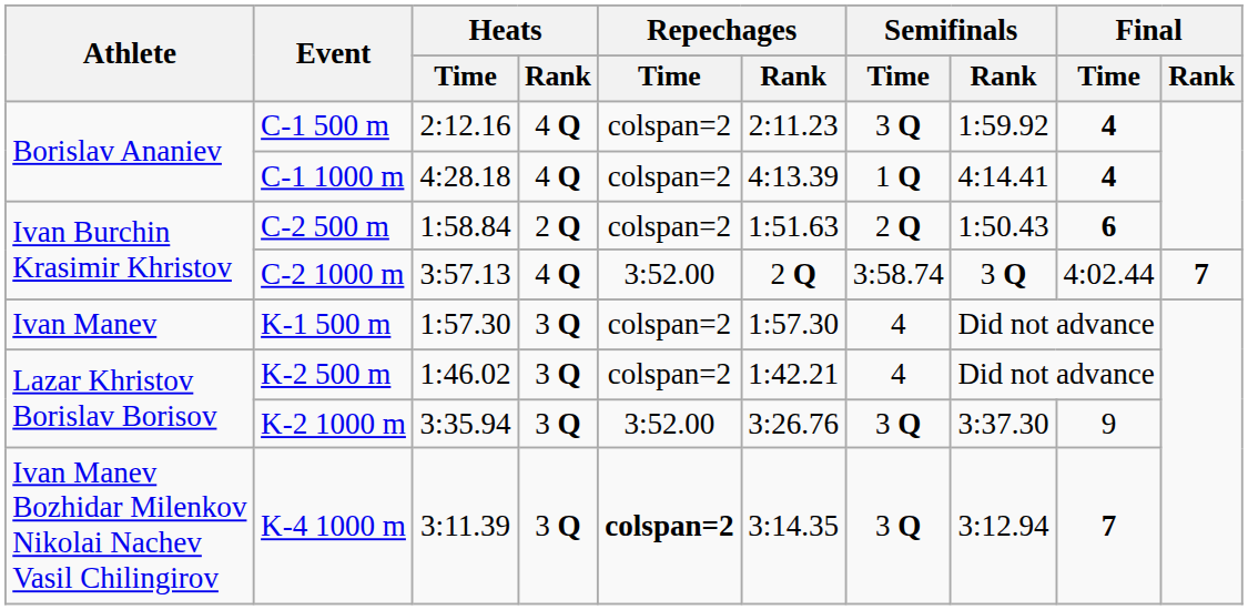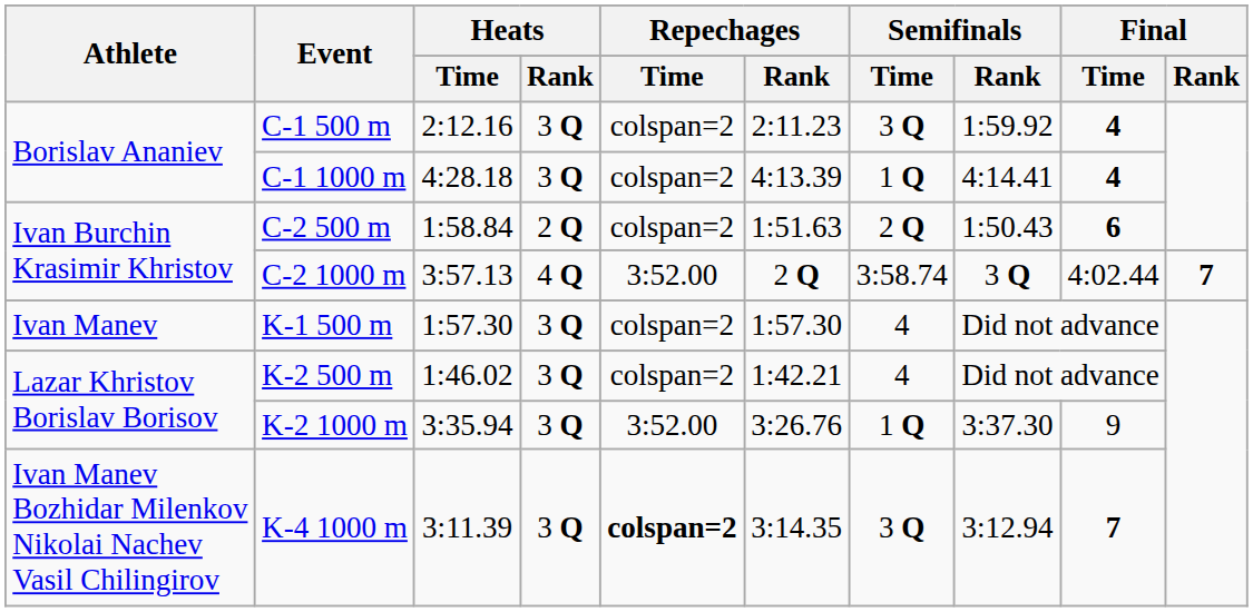 <table class="wikitable" style="font-size:90%; text-align:center;">
 <tr>
 <th rowspan=2>Athlete</th>
 <th rowspan=2>Event</th>
 <th colspan=2>Heats</th>
 <th colspan=2>Repechages</th>
 <th colspan=2>Semifinals</th>
 <th colspan=2>Final</th>
 </tr>
 <tr style="font-size:95%">
 <th>Time</th>
 <th>Rank</th>
 <th>Time</th>
 <th>Rank</th>
 <th>Time</th>
 <th>Rank</th>
 <th>Time</th>
 <th>Rank</th>
 </tr>
 <tr>
 <td align=left rowspan=2><a href='#'>Borislav Ananiev</a></td>
 <td align=left><a href='#'>C-1 500 m</a></td>
 <td>2:12.16</td>
-<td>4 <strong>Q</strong></td>
+<td>3 <strong>Q</strong></td>
 <td>colspan=2 </td>
 <td>2:11.23</td>
 <td>3 <strong>Q</strong></td>
 <td>1:59.92</td>
 <td><strong>4</strong></td>
 </tr>
 <tr>
 <td align=left><a href='#'>C-1 1000 m</a></td>
 <td>4:28.18</td>
-<td>4 <strong>Q</strong></td>
+<td>3 <strong>Q</strong></td>
 <td>colspan=2 </td>
 <td>4:13.39</td>
 <td>1 <strong>Q</strong></td>
 <td>4:14.41</td>
 <td><strong>4</strong></td>
 </tr>
 <tr>
 <td align=left rowspan=2><a href='#'>Ivan Burchin</a><br><a href='#'>Krasimir Khristov</a></td>
 <td align=left><a href='#'>C-2 500 m</a></td>
 <td>1:58.84</td>
 <td>2 <strong>Q</strong></td>
 <td>colspan=2 </td>
 <td>1:51.63</td>
 <td>2 <strong>Q</strong></td>
 <td>1:50.43</td>
 <td><strong>6</strong></td>
 </tr>
 <tr>
 <td align=left><a href='#'>C-2 1000 m</a></td>
 <td>3:57.13</td>
 <td>4 <strong>Q</strong></td>
 <td>3:52.00</td>
 <td>2 <strong>Q</strong></td>
 <td>3:58.74</td>
 <td>3 <strong>Q</strong></td>
 <td>4:02.44</td>
 <td><strong>7</strong></td>
 </tr>
 <tr>
 <td align=left rowspan=1><a href='#'>Ivan Manev</a></td>
 <td align=left><a href='#'>K-1 500 m</a></td>
 <td>1:57.30</td>
 <td>3 <strong>Q</strong></td>
 <td>colspan=2 </td>
 <td>1:57.30</td>
 <td>4</td>
 <td colspan=2>Did not advance</td>
 </tr>
 <tr>
 <td align=left rowspan=2><a href='#'>Lazar Khristov</a><br> <a href='#'>Borislav Borisov</a></td>
 <td align=left><a href='#'>K-2 500 m</a></td>
 <td>1:46.02</td>
 <td>3 <strong>Q</strong></td>
 <td>colspan=2 </td>
 <td>1:42.21</td>
 <td>4</td>
 <td colspan=2>Did not advance</td>
 </tr>
 <tr>
 <td align=left><a href='#'>K-2 1000 m</a></td>
 <td>3:35.94</td>
 <td>3 <strong>Q</strong></td>
 <td>3:52.00</td>
 <td>3:26.76</td>
-<td>3 <strong>Q</strong></td>
+<td>1 <strong>Q</strong></td>
 <td>3:37.30</td>
 <td>9</td>
 </tr>
 <tr>
 <td align=left><a href='#'>Ivan Manev</a><br> <a href='#'>Bozhidar Milenkov</a><br><a href='#'>Nikolai Nachev</a><br><a href='#'>Vasil Chilingirov</a></td>
 <td align=left><a href='#'>K-4 1000 m</a></td>
 <td>3:11.39</td>
 <td>3 <strong>Q</strong></td>
 <td><strong>colspan=2 </strong></td>
 <td>3:14.35</td>
 <td>3 <strong>Q</strong></td>
 <td>3:12.94</td>
 <td><strong>7</strong></td>
 </tr>
 </table>
